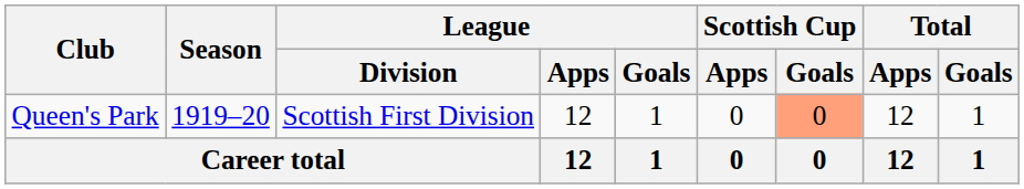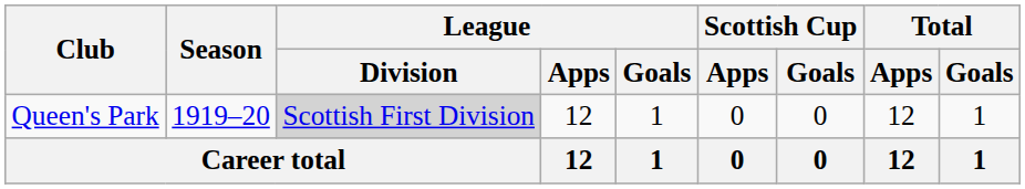 <table class="wikitable" style="text-align: center;">
 <tr>
 <th rowspan="2">Club</th>
 <th rowspan="2">Season</th>
 <th colspan="3">League</th>
 <th colspan="2">Scottish Cup</th>
 <th colspan="2">Total</th>
 </tr>
 <tr>
 <th>Division</th>
 <th>Apps</th>
 <th>Goals</th>
 <th>Apps</th>
 <th>Goals</th>
 <th>Apps</th>
 <th>Goals</th>
 </tr>
 <tr>
 <td><a href='#'>Queen's Park</a></td>
 <td><a href='#'>1919–20</a></td>
-<td><a href='#'>Scottish First Division</a></td>
+<td style="background: lightgrey;"><a href='#'>Scottish First Division</a></td>
 <td>12</td>
 <td>1</td>
 <td>0</td>
-<td style="background: lightsalmon;">0</td>
+<td>0</td>
 <td>12</td>
 <td>1</td>
 </tr>
 <tr>
 <th colspan="3">Career total</th>
 <th>12</th>
 <th>1</th>
 <th>0</th>
 <th>0</th>
 <th>12</th>
 <th>1</th>
 </tr>
 </table>
